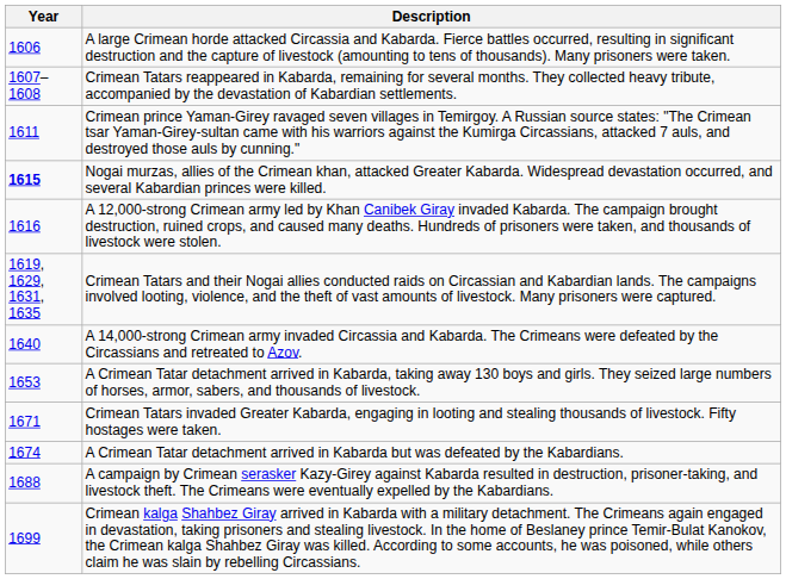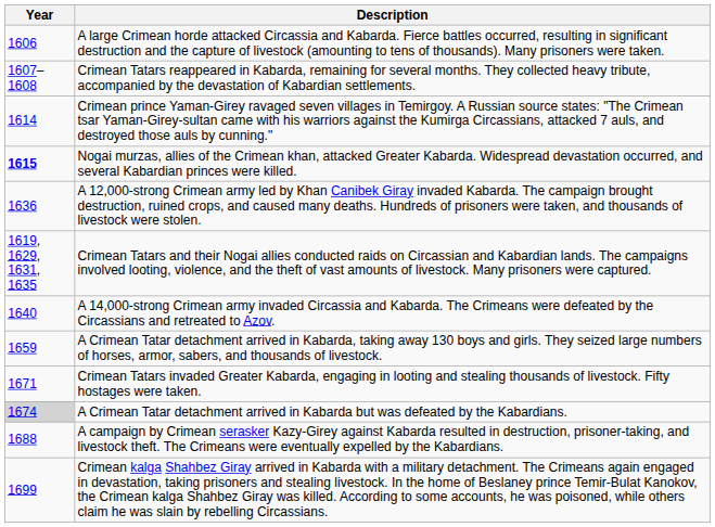 <table class="wikitable">
 <tr>
 <th>Year</th>
 <th>Description</th>
 </tr>
 <tr>
 <td><a href='#'>1606</a></td>
 <td>A large Crimean horde attacked Circassia and Kabarda. Fierce battles occurred, resulting in significant destruction and the capture of livestock (amounting to tens of thousands). Many prisoners were taken.</td>
 </tr>
 <tr>
 <td><a href='#'>1607</a>–<a href='#'>1608</a></td>
 <td>Crimean Tatars reappeared in Kabarda, remaining for several months. They collected heavy tribute, accompanied by the devastation of Kabardian settlements.</td>
 </tr>
 <tr>
-<td><a href='#'>1611</a></td>
+<td><a href='#'>1614</a></td>
 <td>Crimean prince Yaman-Girey ravaged seven villages in Temirgoy. A Russian source states: "The Crimean tsar Yaman-Girey-sultan came with his warriors against the Kumirga Circassians, attacked 7 auls, and destroyed those auls by cunning."</td>
 </tr>
 <tr>
 <td><strong><a href='#'>1615</a></strong></td>
 <td>Nogai murzas, allies of the Crimean khan, attacked Greater Kabarda. Widespread devastation occurred, and several Kabardian princes were killed.</td>
 </tr>
 <tr>
-<td><a href='#'>1616</a></td>
+<td><a href='#'>1636</a></td>
 <td>A 12,000-strong Crimean army led by Khan <a href='#'>Canibek Giray</a> invaded Kabarda. The campaign brought destruction, ruined crops, and caused many deaths. Hundreds of prisoners were taken, and thousands of livestock were stolen.</td>
 </tr>
 <tr>
 <td><a href='#'>1619</a>, <a href='#'>1629</a>, <a href='#'>1631</a>, <a href='#'>1635</a></td>
 <td>Crimean Tatars and their Nogai allies conducted raids on Circassian and Kabardian lands. The campaigns involved looting, violence, and the theft of vast amounts of livestock. Many prisoners were captured.</td>
 </tr>
 <tr>
 <td><a href='#'>1640</a></td>
 <td>A 14,000-strong Crimean army invaded Circassia and Kabarda. The Crimeans were defeated by the Circassians and retreated to <a href='#'>Azov</a>.</td>
 </tr>
 <tr>
-<td><a href='#'>1653</a></td>
+<td><a href='#'>1659</a></td>
 <td>A Crimean Tatar detachment arrived in Kabarda, taking away 130 boys and girls. They seized large numbers of horses, armor, sabers, and thousands of livestock.</td>
 </tr>
 <tr>
 <td><a href='#'>1671</a></td>
 <td>Crimean Tatars invaded Greater Kabarda, engaging in looting and stealing thousands of livestock. Fifty hostages were taken.</td>
 </tr>
 <tr>
-<td><a href='#'>1674</a></td>
+<td style="background: lightgrey;"><a href='#'>1674</a></td>
 <td>A Crimean Tatar detachment arrived in Kabarda but was defeated by the Kabardians.</td>
 </tr>
 <tr>
 <td><a href='#'>1688</a></td>
 <td>A campaign by Crimean <a href='#'>serasker</a> Kazy-Girey against Kabarda resulted in destruction, prisoner-taking, and livestock theft. The Crimeans were eventually expelled by the Kabardians.</td>
 </tr>
 <tr>
 <td><a href='#'>1699</a></td>
 <td>Crimean <a href='#'>kalga</a> <a href='#'>Shahbez Giray</a> arrived in Kabarda with a military detachment. The Crimeans again engaged in devastation, taking prisoners and stealing livestock. In the home of Beslaney prince Temir-Bulat Kanokov, the Crimean kalga Shahbez Giray was killed. According to some accounts, he was poisoned, while others claim he was slain by rebelling Circassians.</td>
 </tr>
 </table>
